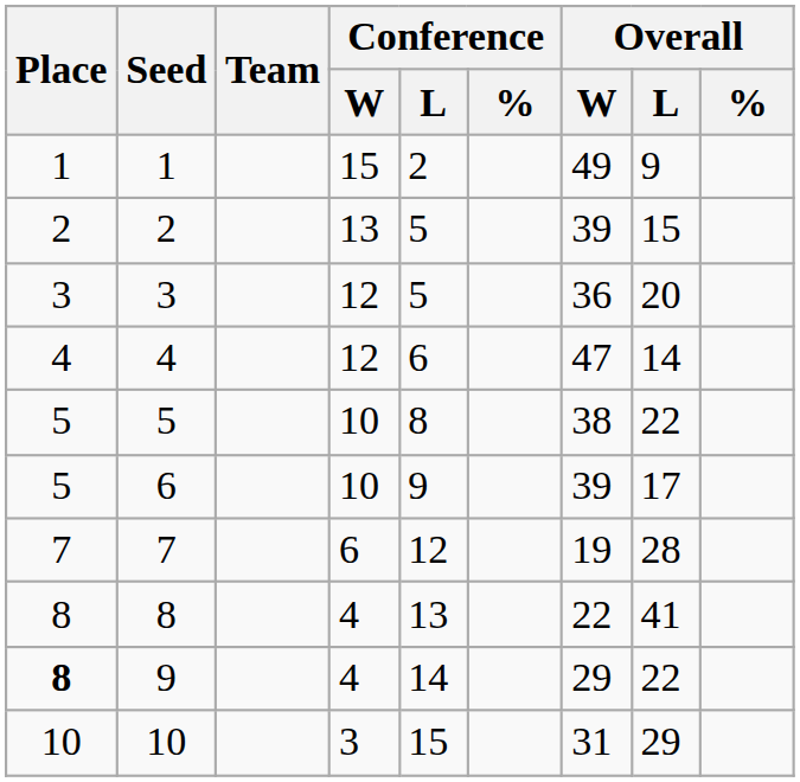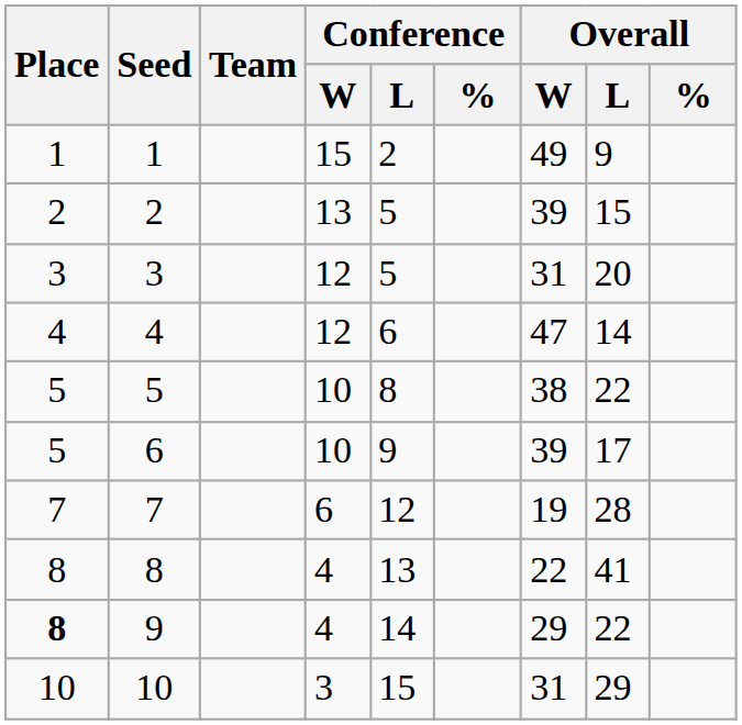 <table class="wikitable">
 <tr>
 <th rowspan ="2">Place</th>
 <th rowspan ="2">Seed</th>
 <th rowspan ="2">Team</th>
 <th colspan = "3">Conference</th>
 <th colspan = "3">Overall</th>
 </tr>
 <tr>
 <th scope="col" style="width: 20px;">W</th>
 <th scope="col" style="width: 20px;">L</th>
 <th scope="col" style="width: 30px;">%</th>
 <th scope="col" style="width: 20px;">W</th>
 <th scope="col" style="width: 20px;">L</th>
 <th scope="col" style="width: 30px;">%</th>
 </tr>
 <tr>
 <td style="text-align:center;">1</td>
 <td style="text-align:center;">1</td>
 <td></td>
 <td>15</td>
 <td>2</td>
 <td></td>
 <td>49</td>
 <td>9</td>
 <td></td>
 </tr>
 <tr>
 <td style="text-align:center;">2</td>
 <td style="text-align:center;">2</td>
 <td></td>
 <td>13</td>
 <td>5</td>
 <td></td>
 <td>39</td>
 <td>15</td>
 <td></td>
 </tr>
 <tr>
 <td style="text-align:center;">3</td>
 <td style="text-align:center;">3</td>
 <td></td>
 <td>12</td>
 <td>5</td>
 <td></td>
-<td>36</td>
+<td>31</td>
 <td>20</td>
 <td></td>
 </tr>
 <tr>
 <td style="text-align:center;">4</td>
 <td style="text-align:center;">4</td>
 <td></td>
 <td>12</td>
 <td>6</td>
 <td></td>
 <td>47</td>
 <td>14</td>
 <td></td>
 </tr>
 <tr>
 <td style="text-align:center;">5</td>
 <td style="text-align:center;">5</td>
 <td></td>
 <td>10</td>
 <td>8</td>
 <td></td>
 <td>38</td>
 <td>22</td>
 <td></td>
 </tr>
 <tr>
 <td style="text-align:center;">5</td>
 <td style="text-align:center;">6</td>
 <td></td>
 <td>10</td>
 <td>9</td>
 <td></td>
 <td>39</td>
 <td>17</td>
 <td></td>
 </tr>
 <tr>
 <td style="text-align:center;">7</td>
 <td style="text-align:center;">7</td>
 <td></td>
 <td>6</td>
 <td>12</td>
 <td></td>
 <td>19</td>
 <td>28</td>
 <td></td>
 </tr>
 <tr>
 <td style="text-align:center;">8</td>
 <td style="text-align:center;">8</td>
 <td></td>
 <td>4</td>
 <td>13</td>
 <td></td>
 <td>22</td>
 <td>41</td>
 <td></td>
 </tr>
 <tr>
 <td style="text-align:center;"><strong>8</strong></td>
 <td style="text-align:center;">9</td>
 <td></td>
 <td>4</td>
 <td>14</td>
 <td></td>
 <td>29</td>
 <td>22</td>
 <td></td>
 </tr>
 <tr>
 <td style="text-align:center;">10</td>
 <td style="text-align:center;">10</td>
 <td></td>
 <td>3</td>
 <td>15</td>
 <td></td>
 <td>31</td>
 <td>29</td>
 <td></td>
 </tr>
 </table>
